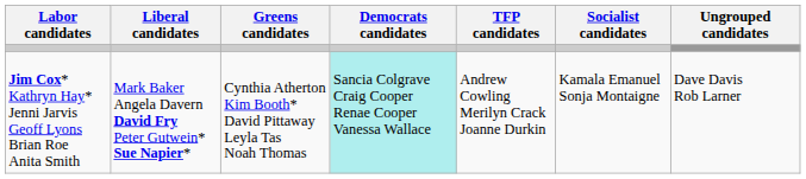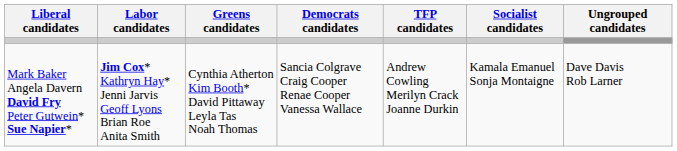 <table class="wikitable">
 <tr>
+<th><a href='#'>Liberal</a> candidates</th>
 <th><a href='#'>Labor</a> candidates</th>
-<th><a href='#'>Liberal</a> candidates</th>
 <th><a href='#'>Greens</a> candidates</th>
 <th><a href='#'>Democrats</a> candidates</th>
 <th><a href='#'>TFP</a> candidates</th>
 <th><a href='#'>Socialist</a> candidates</th>
 <th>Ungrouped candidates</th>
 </tr>
 <tr bgcolor="#cccccc">
 <td></td>
 <td></td>
 <td></td>
 <td></td>
 <td></td>
 <td></td>
 <td bgcolor="#999999"></td>
 </tr>
 <tr>
+<td><br><a href='#'>Mark Baker</a><br> Angela Davern<br> <strong><a href='#'>David Fry</a></strong><br> <a href='#'>Peter Gutwein</a>*<br> <strong><a href='#'>Sue Napier</a></strong>*</td>
 <td><br><strong><a href='#'>Jim Cox</a></strong>*<br> <a href='#'>Kathryn Hay</a>*<br> Jenni Jarvis<br> <a href='#'>Geoff Lyons</a><br> Brian Roe<br> Anita Smith</td>
-<td><br><a href='#'>Mark Baker</a><br> Angela Davern<br> <strong><a href='#'>David Fry</a></strong><br> <a href='#'>Peter Gutwein</a>*<br> <strong><a href='#'>Sue Napier</a></strong>*</td>
 <td><br>Cynthia Atherton<br> <a href='#'>Kim Booth</a>*<br> David Pittaway<br> Leyla Tas<br> Noah Thomas</td>
-<td valign=top style="background: paleturquoise;"><br>Sancia Colgrave<br> Craig Cooper<br> Renae Cooper<br> Vanessa Wallace</td>
+<td valign=top><br>Sancia Colgrave<br> Craig Cooper<br> Renae Cooper<br> Vanessa Wallace</td>
 <td valign=top><br>Andrew Cowling<br> Merilyn Crack<br> Joanne Durkin</td>
 <td valign=top><br>Kamala Emanuel<br> Sonja Montaigne</td>
 <td valign=top><br>Dave Davis<br> Rob Larner</td>
 </tr>
 </table>
